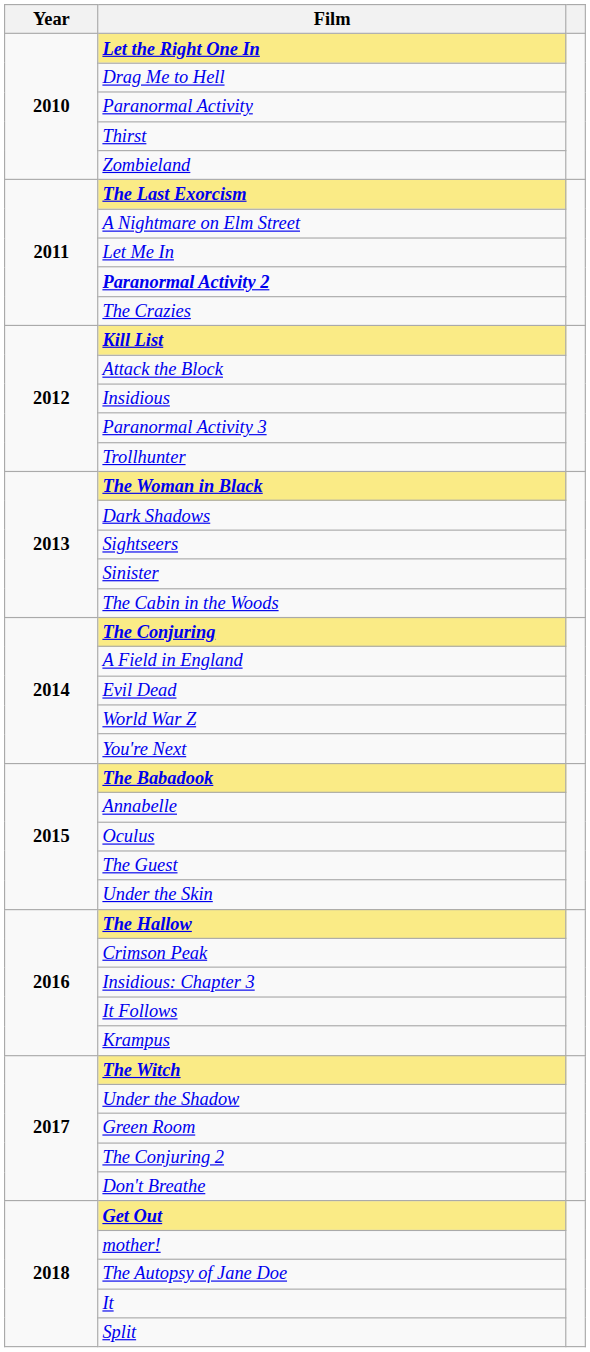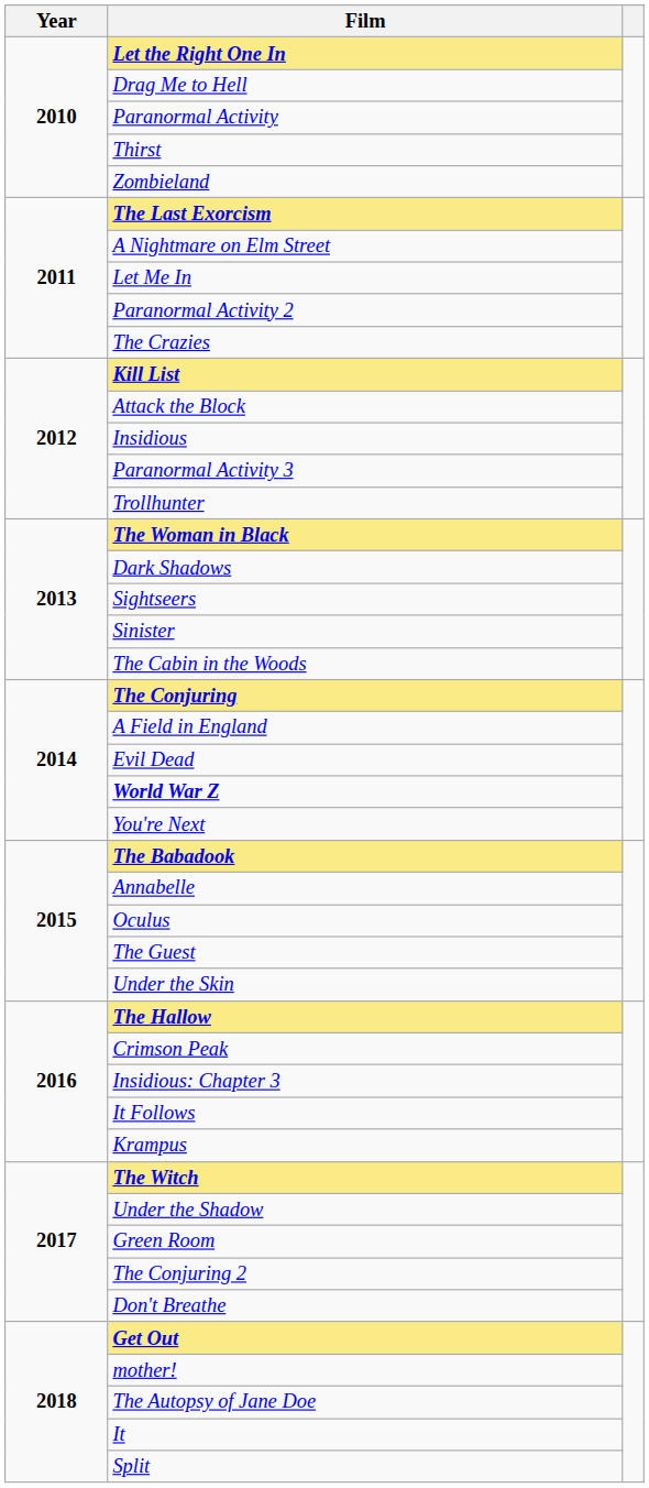 <table class="wikitable" width="40%">
 <tr>
 <th width="10%">Year</th>
 <th width="50%">Film</th>
 <th width="2%"></th>
 </tr>
 <tr>
 <td rowspan="5" style="text-align:center"><strong>2010<br> </strong></td>
 <td style="background:#FAEB86"><strong><em><a href='#'>Let the Right One In</a></em></strong></td>
 <td rowspan="5" style="text-align:center"></td>
 </tr>
 <tr>
 <td><em><a href='#'>Drag Me to Hell</a></em></td>
 </tr>
 <tr>
 <td><em><a href='#'>Paranormal Activity</a></em></td>
 </tr>
 <tr>
 <td><em><a href='#'>Thirst</a></em></td>
 </tr>
 <tr>
 <td><em><a href='#'>Zombieland</a></em></td>
 </tr>
 <tr>
 <td rowspan="5" style="text-align:center"><strong>2011<br> </strong></td>
 <td style="background:#FAEB86"><strong><em><a href='#'>The Last Exorcism</a></em></strong></td>
 <td rowspan="5" style="text-align:center"></td>
 </tr>
 <tr>
 <td><em><a href='#'>A Nightmare on Elm Street</a></em></td>
 </tr>
 <tr>
 <td><em><a href='#'>Let Me In</a></em></td>
 </tr>
 <tr>
-<td><strong><em><a href='#'>Paranormal Activity 2</a></em></strong></td>
+<td><em><a href='#'>Paranormal Activity 2</a></em></td>
 </tr>
 <tr>
 <td><em><a href='#'>The Crazies</a></em></td>
 </tr>
 <tr>
 <td rowspan="5" style="text-align:center"><strong>2012<br> </strong></td>
 <td style="background:#FAEB86"><strong><em><a href='#'>Kill List</a></em></strong></td>
 <td rowspan="5" style="text-align:center"></td>
 </tr>
 <tr>
 <td><em><a href='#'>Attack the Block</a></em></td>
 </tr>
 <tr>
 <td><em><a href='#'>Insidious</a></em></td>
 </tr>
 <tr>
 <td><em><a href='#'>Paranormal Activity 3</a></em></td>
 </tr>
 <tr>
 <td><em><a href='#'>Trollhunter</a></em></td>
 </tr>
 <tr>
 <td rowspan="5" style="text-align:center"><strong>2013<br> </strong></td>
 <td style="background:#FAEB86"><strong><em><a href='#'>The Woman in Black</a></em></strong></td>
 <td rowspan="5" style="text-align:center"></td>
 </tr>
 <tr>
 <td><em><a href='#'>Dark Shadows</a></em></td>
 </tr>
 <tr>
 <td><em><a href='#'>Sightseers</a></em></td>
 </tr>
 <tr>
 <td><em><a href='#'>Sinister</a></em></td>
 </tr>
 <tr>
 <td><em><a href='#'>The Cabin in the Woods</a></em></td>
 </tr>
 <tr>
 <td rowspan="5" style="text-align:center"><strong>2014<br> </strong></td>
 <td style="background:#FAEB86"><strong><em><a href='#'>The Conjuring</a></em></strong></td>
 <td rowspan="5" style="text-align:center"></td>
 </tr>
 <tr>
 <td><em><a href='#'>A Field in England</a></em></td>
 </tr>
 <tr>
 <td><em><a href='#'>Evil Dead</a></em></td>
 </tr>
 <tr>
-<td><em><a href='#'>World War Z</a></em></td>
+<td><strong><em><a href='#'>World War Z</a></em></strong></td>
 </tr>
 <tr>
 <td><em><a href='#'>You're Next</a></em></td>
 </tr>
 <tr>
 <td rowspan="5" style="text-align:center"><strong>2015<br> </strong></td>
 <td style="background:#FAEB86"><strong><em><a href='#'>The Babadook</a></em></strong></td>
 <td rowspan="5" style="text-align:center"></td>
 </tr>
 <tr>
 <td><em><a href='#'>Annabelle</a></em></td>
 </tr>
 <tr>
 <td><em><a href='#'>Oculus</a></em></td>
 </tr>
 <tr>
 <td><em><a href='#'>The Guest</a></em></td>
 </tr>
 <tr>
 <td><em><a href='#'>Under the Skin</a></em></td>
 </tr>
 <tr>
 <td rowspan="5" style="text-align:center"><strong>2016<br> </strong></td>
 <td style="background:#FAEB86"><strong><em><a href='#'>The Hallow</a></em></strong></td>
 <td rowspan="5" style="text-align:center"></td>
 </tr>
 <tr>
 <td><em><a href='#'>Crimson Peak</a></em></td>
 </tr>
 <tr>
 <td><em><a href='#'>Insidious: Chapter 3</a></em></td>
 </tr>
 <tr>
 <td><em><a href='#'>It Follows</a></em></td>
 </tr>
 <tr>
 <td><em><a href='#'>Krampus</a></em></td>
 </tr>
 <tr>
 <td rowspan="5" style="text-align:center"><strong>2017<br> </strong></td>
 <td style="background:#FAEB86"><strong><em><a href='#'>The Witch</a></em></strong></td>
 <td rowspan="5" style="text-align:center"></td>
 </tr>
 <tr>
 <td><em><a href='#'>Under the Shadow</a></em></td>
 </tr>
 <tr>
 <td><em><a href='#'>Green Room</a></em></td>
 </tr>
 <tr>
 <td><em><a href='#'>The Conjuring 2</a></em></td>
 </tr>
 <tr>
 <td><em><a href='#'>Don't Breathe</a></em></td>
 </tr>
 <tr>
 <td rowspan="5" style="text-align:center"><strong>2018<br> </strong></td>
 <td style="background:#FAEB86"><strong><em><a href='#'>Get Out</a></em></strong></td>
 <td rowspan="5" style="text-align:center"></td>
 </tr>
 <tr>
 <td><em><a href='#'>mother!</a></em></td>
 </tr>
 <tr>
 <td><em><a href='#'>The Autopsy of Jane Doe</a></em></td>
 </tr>
 <tr>
 <td><em><a href='#'>It</a></em></td>
 </tr>
 <tr>
 <td><em><a href='#'>Split</a></em></td>
 </tr>
 </table>
